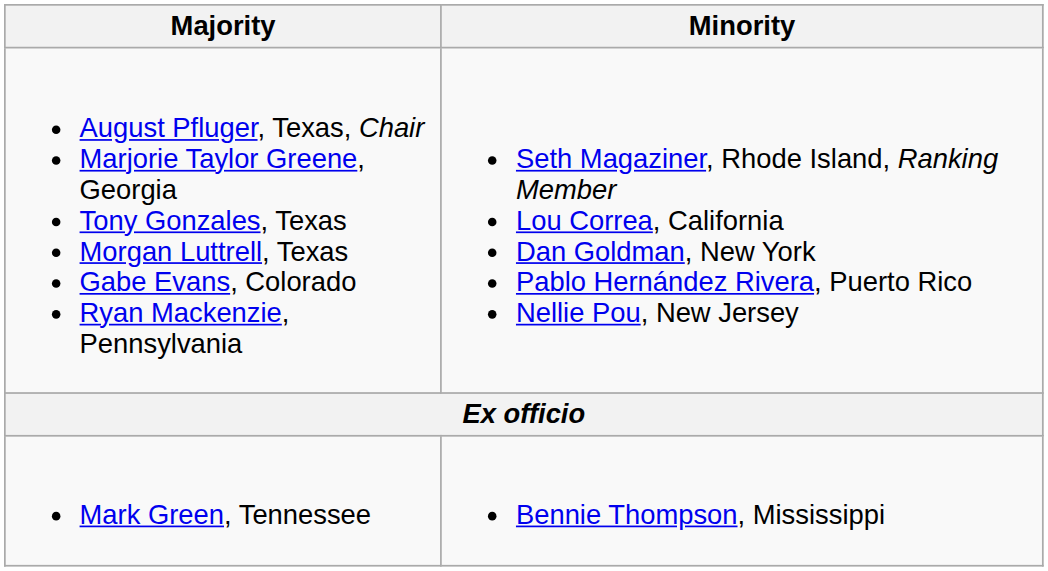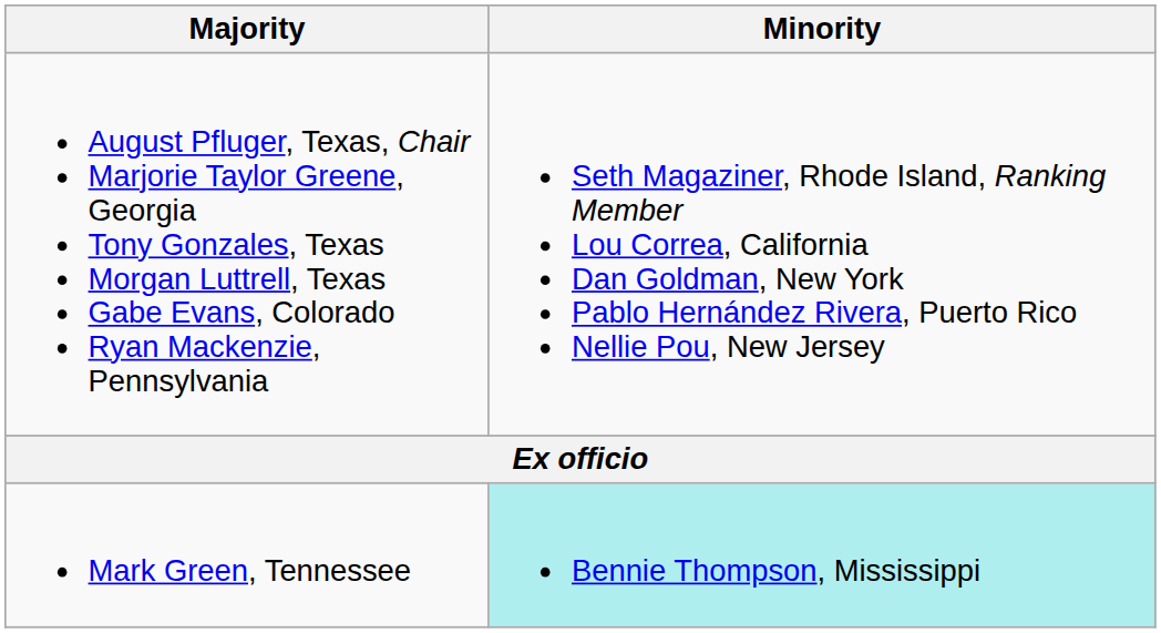 <table class=wikitable>
 <tr>
 <th>Majority</th>
 <th>Minority</th>
 </tr>
 <tr>
 <td><br><ul><li><a href='#'>August Pfluger</a>, Texas, <em>Chair</em></li><li><a href='#'>Marjorie Taylor Greene</a>, Georgia</li><li><a href='#'>Tony Gonzales</a>, Texas</li><li><a href='#'>Morgan Luttrell</a>, Texas</li><li><a href='#'>Gabe Evans</a>, Colorado</li><li><a href='#'>Ryan Mackenzie</a>, Pennsylvania</li></ul></td>
 <td><br><ul><li><a href='#'>Seth Magaziner</a>, Rhode Island, <em>Ranking Member</em></li><li><a href='#'>Lou Correa</a>, California</li><li><a href='#'>Dan Goldman</a>, New York</li><li><a href='#'>Pablo Hernández Rivera</a>, Puerto Rico</li><li><a href='#'>Nellie Pou</a>, New Jersey</li></ul></td>
 </tr>
 <tr>
 <th colspan=2><em>Ex officio</em></th>
 </tr>
 <tr>
 <td><br><ul><li><a href='#'>Mark Green</a>, Tennessee</li></ul></td>
-<td><br><ul><li><a href='#'>Bennie Thompson</a>, Mississippi</li></ul></td>
+<td style="background: paleturquoise;"><br><ul><li><a href='#'>Bennie Thompson</a>, Mississippi</li></ul></td>
 </tr>
 </table>
